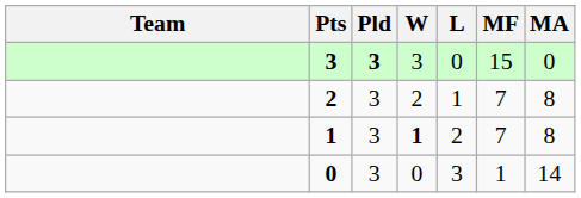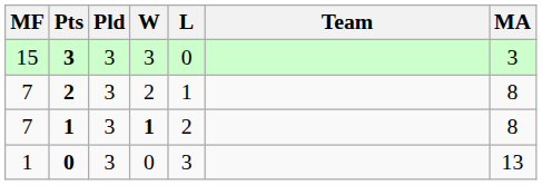 <table class=wikitable style="text-align:center">
 <tr>
-<th width=200>Team</th>
+<th width=20>MF</th>
 <th width=20>Pts</th>
 <th width=20>Pld</th>
 <th width=20>W</th>
 <th width=20>L</th>
-<th width=20>MF</th>
+<th width=200>Team</th>
 <th width=20>MA</th>
 </tr>
 <tr bgcolor=ccffcc>
-<td style="text-align:left"><strong></strong></td>
-<td><strong>3</strong></td>
+<td>15</td>
 <td><strong>3</strong></td>
 <td>3</td>
+<td>3</td>
 <td>0</td>
-<td>15</td>
-<td>0</td>
+<td style="text-align:left"><strong></strong></td>
+<td>3</td>
 </tr>
 <tr>
-<td style="text-align:left"></td>
+<td>7</td>
 <td><strong>2</strong></td>
 <td>3</td>
 <td>2</td>
 <td>1</td>
-<td>7</td>
+<td style="text-align:left"></td>
 <td>8</td>
 </tr>
 <tr>
-<td style="text-align:left"></td>
+<td>7</td>
 <td><strong>1</strong></td>
 <td>3</td>
 <td><strong>1</strong></td>
 <td>2</td>
-<td>7</td>
+<td style="text-align:left"></td>
 <td>8</td>
 </tr>
 <tr>
-<td style="text-align:left"></td>
+<td>1</td>
 <td><strong>0</strong></td>
 <td>3</td>
 <td>0</td>
 <td>3</td>
-<td>1</td>
-<td>14</td>
+<td style="text-align:left"></td>
+<td>13</td>
 </tr>
 </table>
